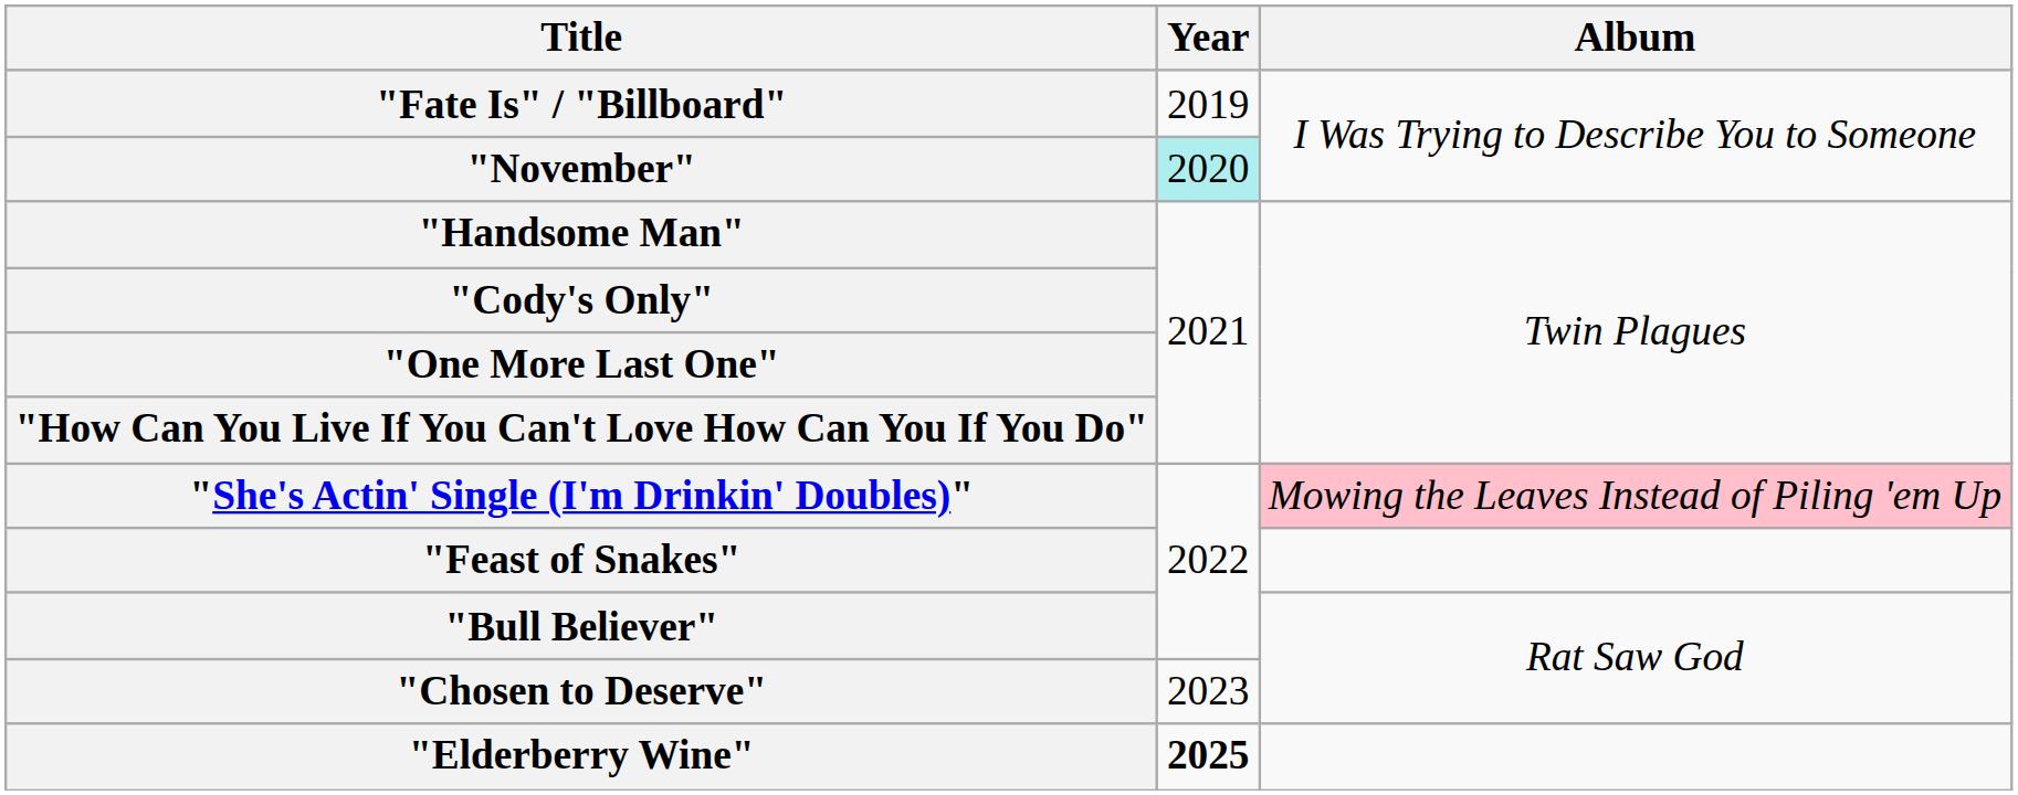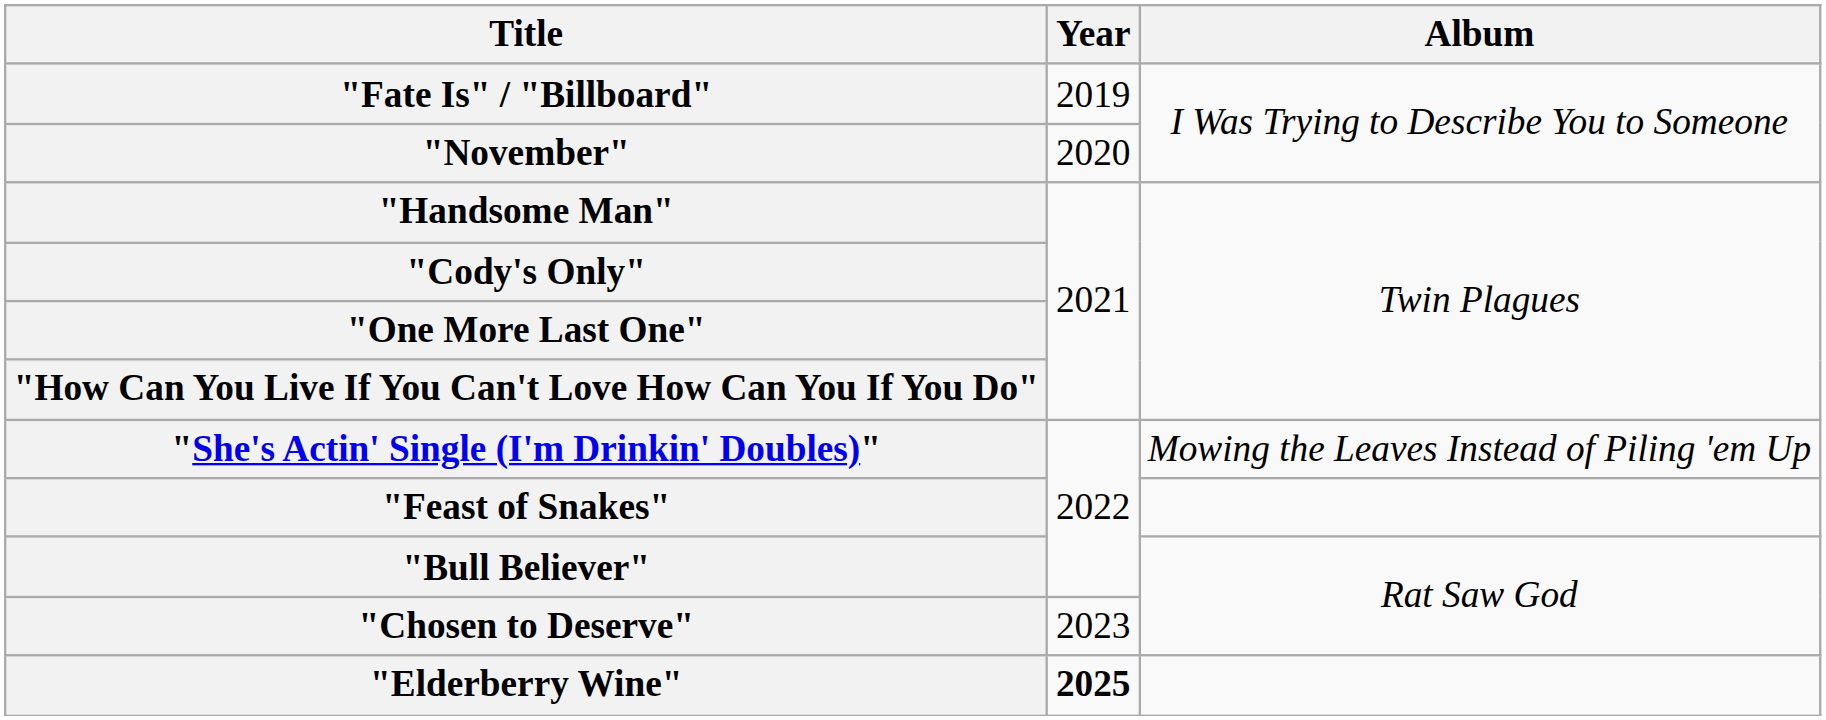 <table class="wikitable plainrowheaders" style="text-align:center;">
 <tr>
 <th>Title</th>
 <th>Year</th>
 <th>Album</th>
 </tr>
 <tr>
 <th scope="row">"Fate Is" / "Billboard"</th>
 <td>2019</td>
 <td rowspan="2"><em>I Was Trying to Describe You to Someone</em></td>
 </tr>
 <tr>
 <th scope="row">"November"</th>
-<td style="background: paleturquoise;">2020</td>
+<td>2020</td>
 </tr>
 <tr>
 <th scope="row">"Handsome Man"</th>
 <td rowspan="4">2021</td>
 <td rowspan="4"><em>Twin Plagues</em></td>
 </tr>
 <tr>
 <th scope="row">"Cody's Only"</th>
 </tr>
 <tr>
 <th scope="row">"One More Last One"</th>
 </tr>
 <tr>
 <th scope="row">"How Can You Live If You Can't Love How Can You If You Do"</th>
 </tr>
 <tr>
 <th scope="row">"<a href='#'>She's Actin' Single (I'm Drinkin' Doubles)</a>"</th>
 <td rowspan="3">2022</td>
-<td style="background: pink;"><em>Mowing the Leaves Instead of Piling 'em Up</em></td>
+<td><em>Mowing the Leaves Instead of Piling 'em Up</em></td>
 </tr>
 <tr>
 <th scope="row">"Feast of Snakes"</th>
 <td></td>
 </tr>
 <tr>
 <th scope="row">"Bull Believer"</th>
 <td rowspan="2"><em>Rat Saw God</em></td>
 </tr>
 <tr>
 <th scope="row">"Chosen to Deserve"</th>
 <td>2023</td>
 </tr>
 <tr>
 <th scope="row">"Elderberry Wine"</th>
 <td><strong>2025</strong></td>
 </tr>
 </table>
